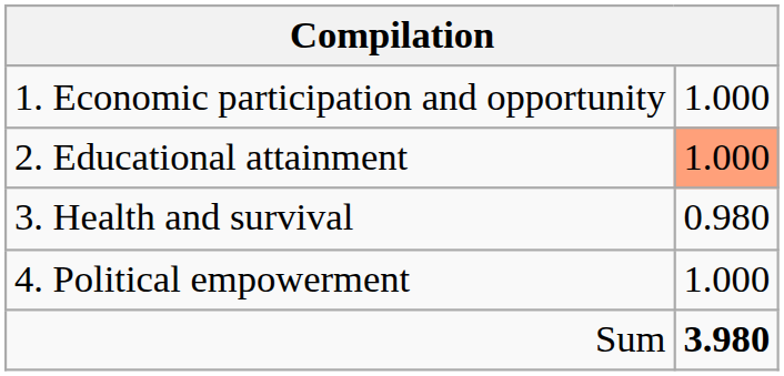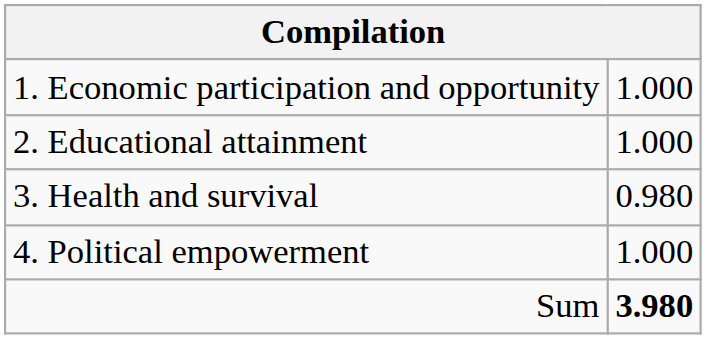 <table class="wikitable">
 <tr>
 <th colspan="2">Compilation</th>
 </tr>
 <tr>
 <td>1. Economic participation and opportunity</td>
 <td>1.000</td>
 </tr>
 <tr>
 <td>2. Educational attainment</td>
-<td style="background: lightsalmon;">1.000</td>
+<td>1.000</td>
 </tr>
 <tr>
 <td>3. Health and survival</td>
 <td>0.980</td>
 </tr>
 <tr>
 <td>4. Political empowerment</td>
 <td>1.000</td>
 </tr>
 <tr>
 <td style="text-align:right">Sum</td>
 <td><strong>3.980</strong></td>
 </tr>
 </table>
